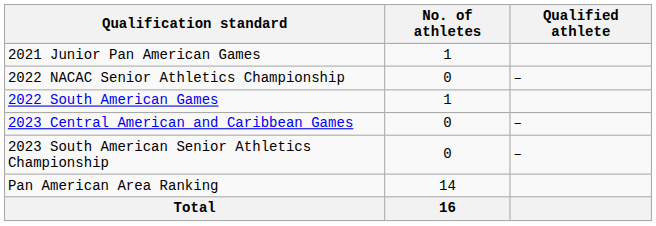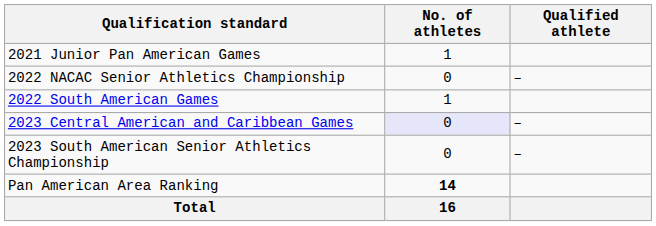 <table class="wikitable" style="text-align:left; width:600px;">
 <tr>
 <th>Qualification standard</th>
 <th>No. of athletes</th>
 <th>Qualified athlete</th>
 </tr>
 <tr>
 <td>2021 Junior Pan American Games</td>
 <td align=center>1</td>
 <td></td>
 </tr>
 <tr>
 <td>2022 NACAC Senior Athletics Championship</td>
 <td align=center>0</td>
 <td>–</td>
 </tr>
 <tr>
 <td><a href='#'>2022 South American Games</a></td>
 <td align=center>1</td>
 <td></td>
 </tr>
 <tr>
 <td><a href='#'>2023 Central American and Caribbean Games</a></td>
-<td align=center>0</td>
+<td align=center style="background: lavender;">0</td>
 <td>–</td>
 </tr>
 <tr>
 <td>2023 South American Senior Athletics Championship</td>
 <td align=center>0</td>
 <td>–</td>
 </tr>
 <tr>
 <td>Pan American Area Ranking</td>
-<td align=center>14</td>
+<td align=center><strong>14</strong></td>
 <td></td>
 </tr>
 <tr>
 <th>Total</th>
 <th>16</th>
 <th colspan=2></th>
 </tr>
 </table>
